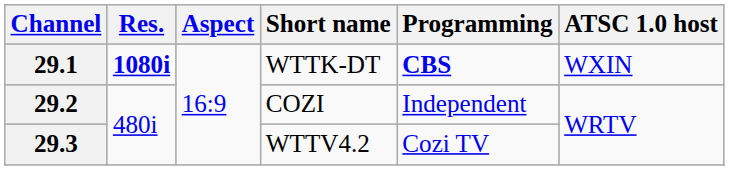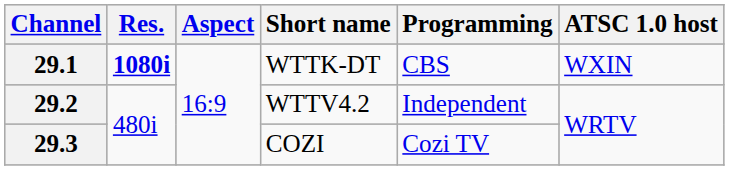 <table class="wikitable">
 <tr>
 <th scope = "col"><a href='#'>Channel</a></th>
 <th scope = "col"><a href='#'>Res.</a></th>
 <th scope = "col"><a href='#'>Aspect</a></th>
 <th scope = "col">Short name</th>
 <th scope = "col">Programming</th>
 <th scope = "col">ATSC 1.0 host</th>
 </tr>
 <tr>
 <th scope = "row">29.1</th>
 <td><strong><a href='#'>1080i</a></strong></td>
 <td rowspan=3><a href='#'>16:9</a></td>
 <td>WTTK-DT</td>
-<td><strong><a href='#'>CBS</a></strong></td>
+<td><a href='#'>CBS</a></td>
 <td><a href='#'>WXIN</a></td>
 </tr>
 <tr>
 <th scope = "row">29.2</th>
 <td rowspan=2><a href='#'>480i</a></td>
-<td>COZI</td>
+<td>WTTV4.2</td>
 <td><a href='#'>Independent</a></td>
 <td rowspan="2"><a href='#'>WRTV</a></td>
 </tr>
 <tr>
 <th scope = "row">29.3</th>
-<td>WTTV4.2</td>
+<td>COZI</td>
 <td><a href='#'>Cozi TV</a></td>
 </tr>
 </table>
